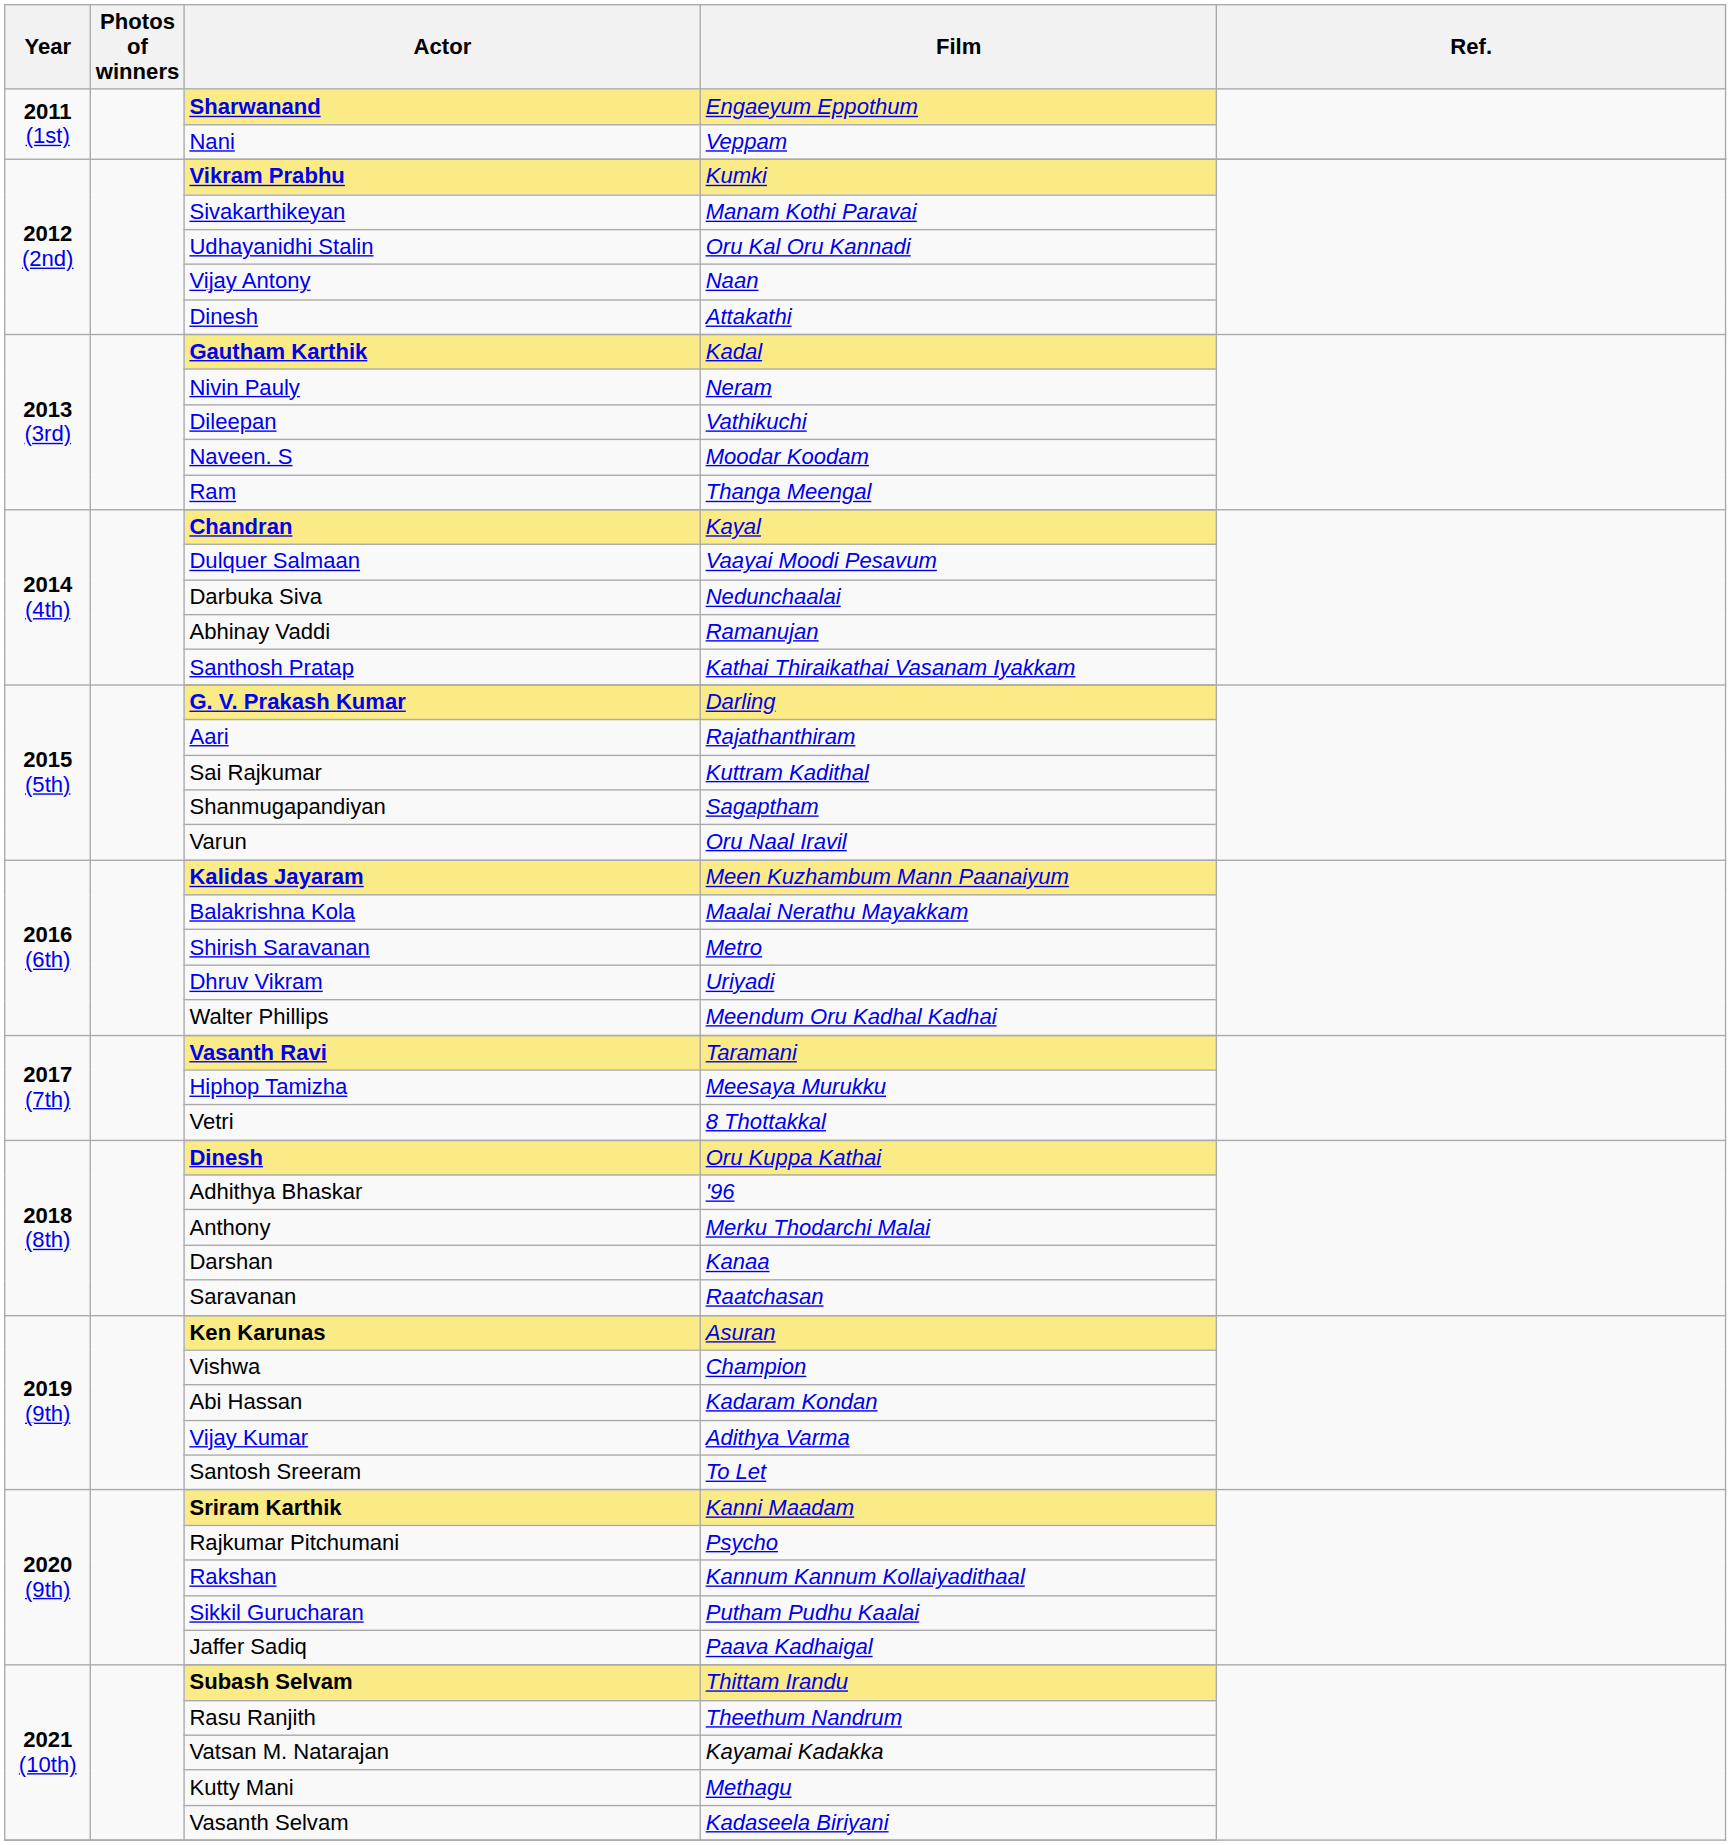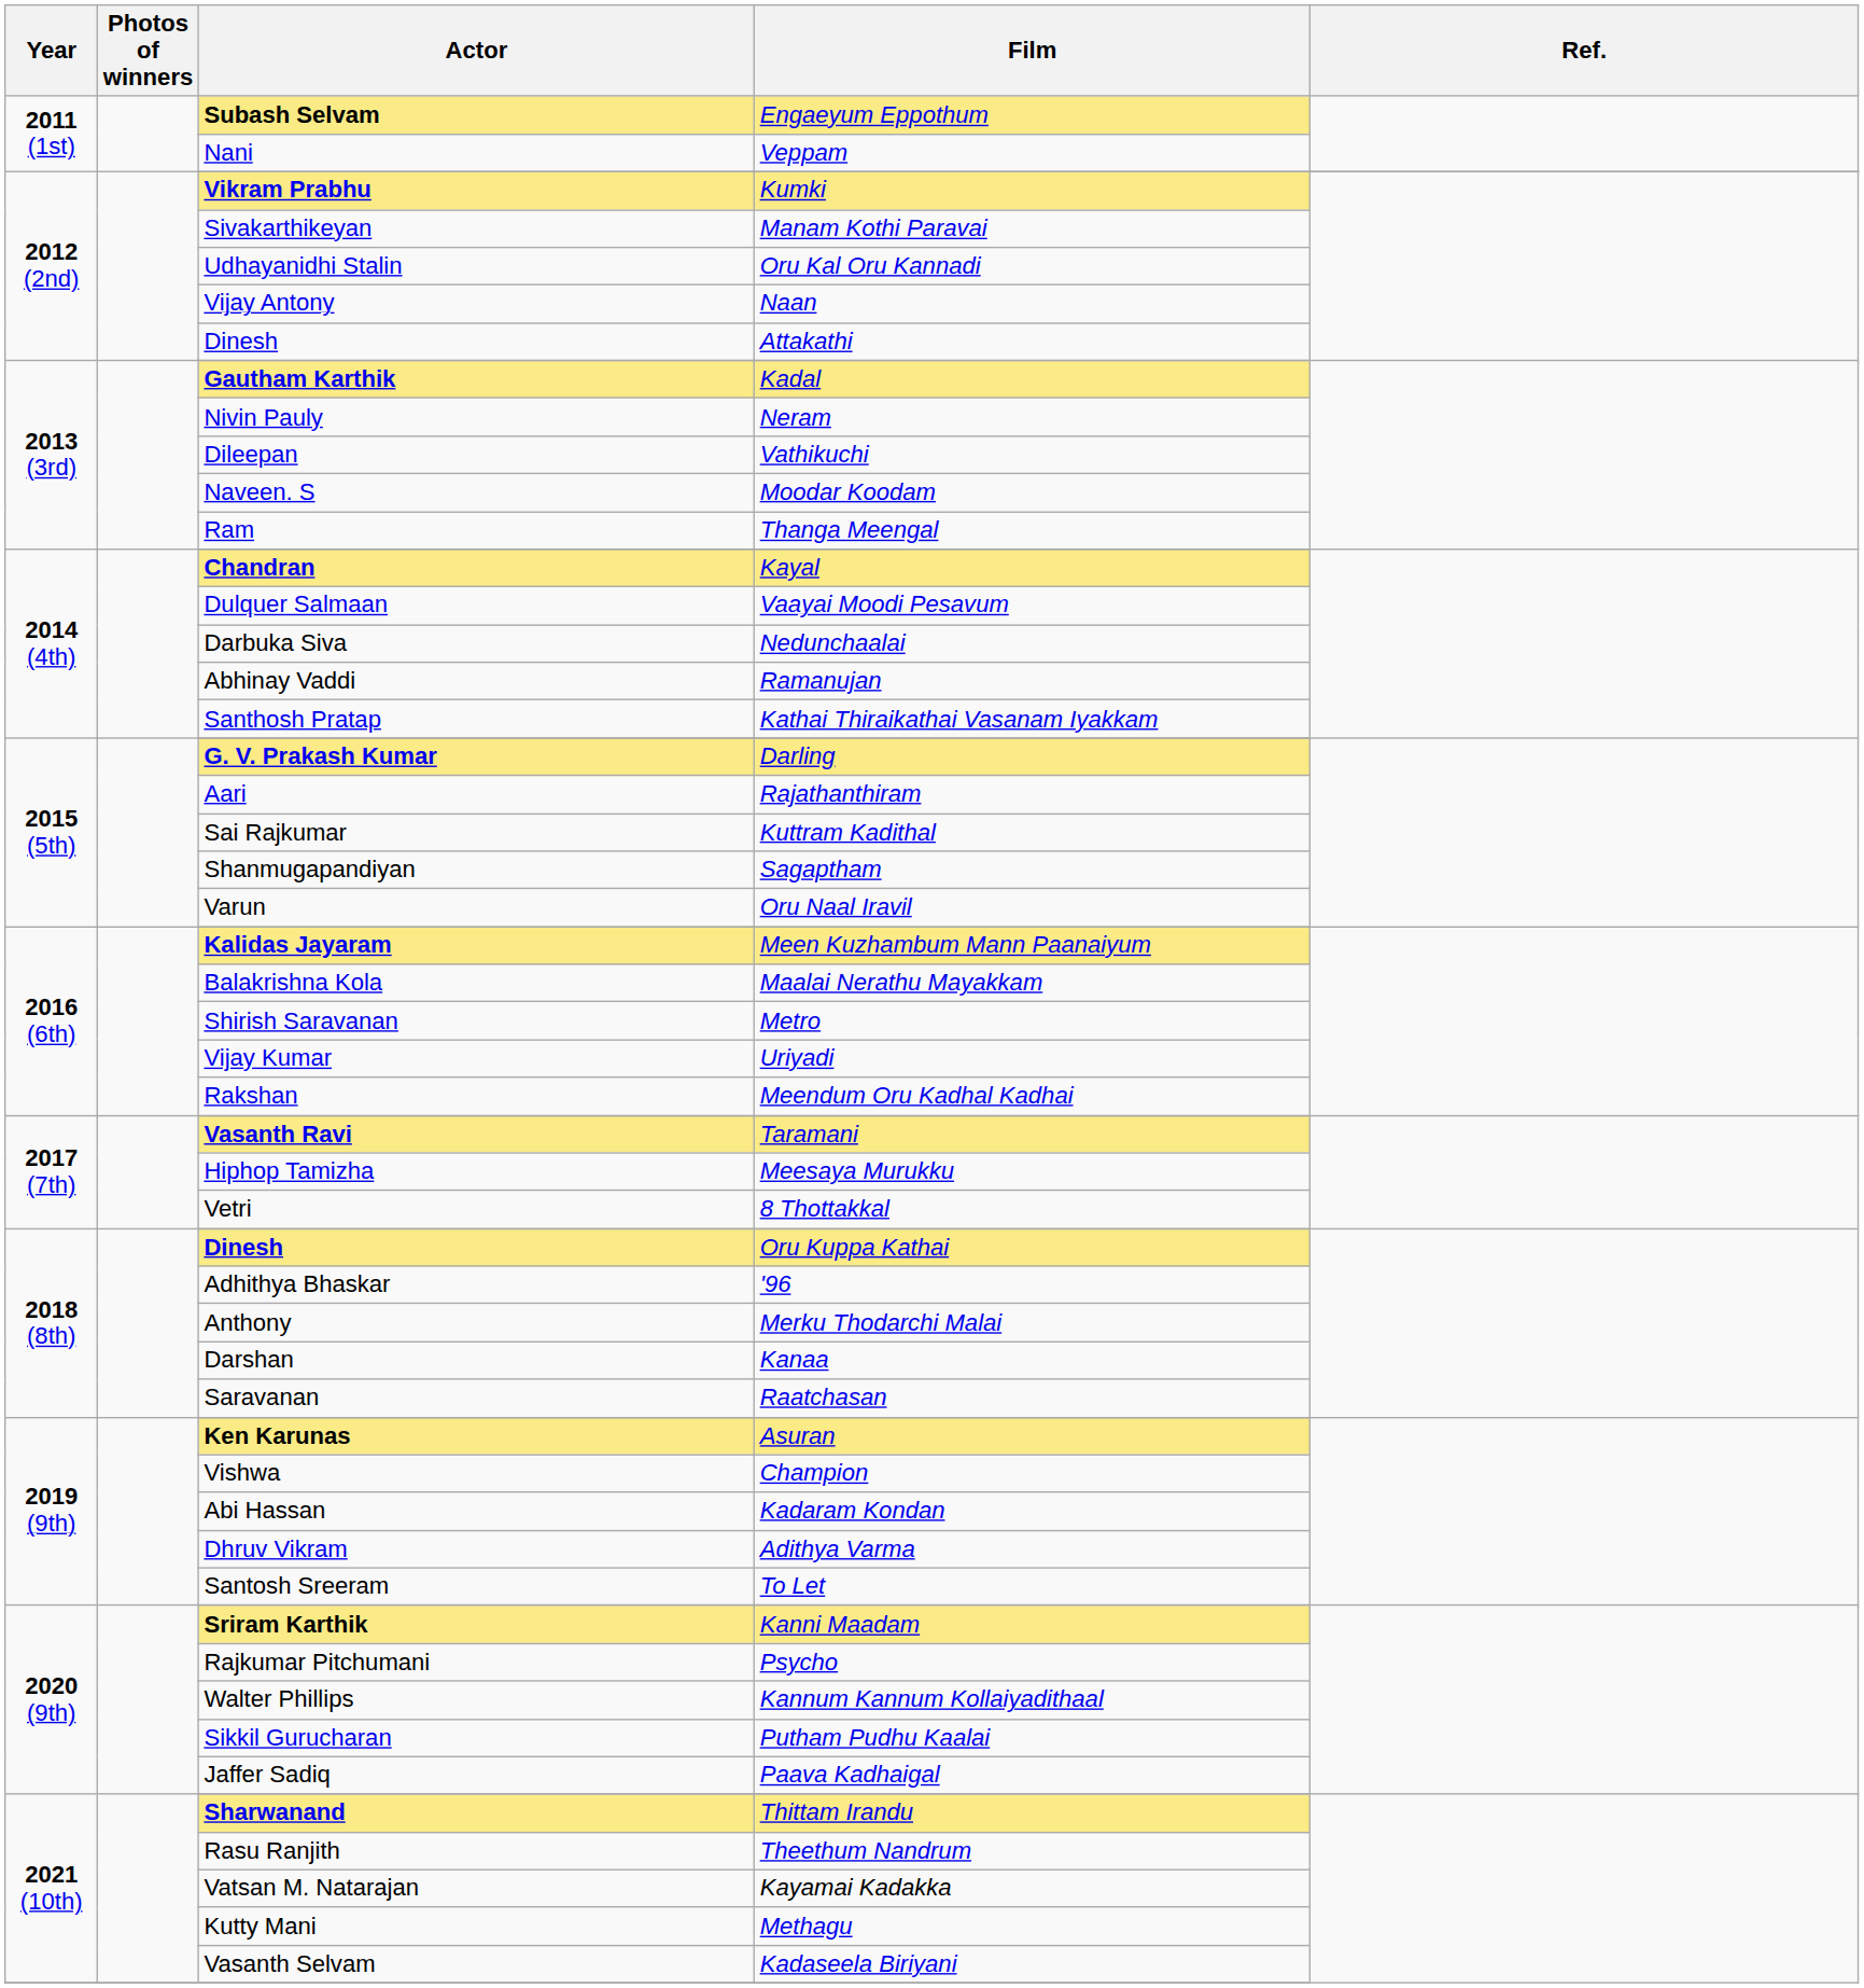 <table class="wikitable sortable" style="text-align:left;">
 <tr>
 <th scope="col" style="width:5%;text-align:center;">Year</th>
 <th scope="col" style="width:3%;text-align:center;">Photos of winners</th>
 <th scope="col" style="width:30%;text-align:center;">Actor</th>
 <th scope="col" style="width:30%;text-align:center;">Film</th>
 <th class="unsortable">Ref.</th>
 </tr>
 <tr>
 <td rowspan=2 style="text-align:center"><strong>2011</strong><br><a href='#'>(1st)</a></td>
 <td rowspan=2 style="text-align:center"></td>
-<td style="background:#FAEB86"><strong><a href='#'>Sharwanand</a></strong></td>
+<td style="background:#FAEB86"><strong>Subash Selvam</strong></td>
 <td style="background:#FAEB86"><em><a href='#'>Engaeyum Eppothum</a></em></td>
 <td rowspan=2></td>
 </tr>
 <tr>
 <td><a href='#'>Nani</a></td>
 <td><em><a href='#'>Veppam</a></em></td>
 </tr>
 <tr>
 <td rowspan=6 style="text-align:center"><strong>2012</strong><br><a href='#'>(2nd)</a></td>
 <td rowspan=6 style="text-align:center"></td>
 </tr>
 <tr>
 <td style="background:#FAEB86"><strong><a href='#'>Vikram Prabhu</a></strong></td>
 <td style="background:#FAEB86"><em><a href='#'>Kumki</a></em></td>
 <td rowspan="6"></td>
 </tr>
 <tr>
 <td><a href='#'>Sivakarthikeyan</a></td>
 <td><em><a href='#'>Manam Kothi Paravai</a></em></td>
 </tr>
 <tr>
 <td><a href='#'>Udhayanidhi Stalin</a></td>
 <td><em><a href='#'>Oru Kal Oru Kannadi</a></em></td>
 </tr>
 <tr>
 <td><a href='#'>Vijay Antony</a></td>
 <td><em><a href='#'>Naan</a></em></td>
 </tr>
 <tr>
 <td><a href='#'>Dinesh</a></td>
 <td><em><a href='#'>Attakathi</a></em></td>
 </tr>
 <tr>
 <td rowspan=6 style="text-align:center"><strong>2013</strong><br><a href='#'>(3rd)</a></td>
 <td rowspan=6 style="text-align:center"></td>
 </tr>
 <tr>
 <td style="background:#FAEB86"><strong><a href='#'>Gautham Karthik</a></strong></td>
 <td style="background:#FAEB86"><em><a href='#'>Kadal</a></em></td>
 <td rowspan="6"></td>
 </tr>
 <tr>
 <td><a href='#'>Nivin Pauly</a></td>
 <td><em><a href='#'>Neram</a></em></td>
 </tr>
 <tr>
 <td><a href='#'>Dileepan</a></td>
 <td><em><a href='#'>Vathikuchi</a></em></td>
 </tr>
 <tr>
 <td><a href='#'>Naveen. S</a></td>
 <td><em><a href='#'>Moodar Koodam</a></em></td>
 </tr>
 <tr>
 <td><a href='#'>Ram</a></td>
 <td><em><a href='#'>Thanga Meengal</a></em></td>
 </tr>
 <tr>
 <td rowspan=6 style="text-align:center"><strong>2014</strong><br><a href='#'>(4th)</a></td>
 <td rowspan=6 style="text-align:center"></td>
 </tr>
 <tr>
 <td style="background:#FAEB86"><strong><a href='#'>Chandran</a></strong></td>
 <td style="background:#FAEB86"><em><a href='#'>Kayal</a></em></td>
 <td rowspan="6"></td>
 </tr>
 <tr>
 <td><a href='#'>Dulquer Salmaan</a></td>
 <td><em><a href='#'>Vaayai Moodi Pesavum</a></em></td>
 </tr>
 <tr>
 <td>Darbuka Siva</td>
 <td><em><a href='#'>Nedunchaalai</a></em></td>
 </tr>
 <tr>
 <td>Abhinay Vaddi</td>
 <td><em><a href='#'>Ramanujan</a></em></td>
 </tr>
 <tr>
 <td><a href='#'>Santhosh Pratap</a></td>
 <td><em><a href='#'>Kathai Thiraikathai Vasanam Iyakkam</a></em></td>
 </tr>
 <tr>
 <td rowspan=6 style="text-align:center"><strong>2015</strong><br><a href='#'>(5th)</a></td>
 <td rowspan=6 style="text-align:center"></td>
 </tr>
 <tr>
 <td style="background:#FAEB86"><strong><a href='#'>G. V. Prakash Kumar</a></strong></td>
 <td style="background:#FAEB86"><em><a href='#'>Darling</a></em></td>
 <td rowspan="6"></td>
 </tr>
 <tr>
 <td><a href='#'>Aari</a></td>
 <td><em><a href='#'>Rajathanthiram</a></em></td>
 </tr>
 <tr>
 <td>Sai Rajkumar</td>
 <td><em><a href='#'>Kuttram Kadithal</a></em></td>
 </tr>
 <tr>
 <td>Shanmugapandiyan</td>
 <td><em><a href='#'>Sagaptham</a></em></td>
 </tr>
 <tr>
 <td>Varun</td>
 <td><em><a href='#'>Oru Naal Iravil</a></em></td>
 </tr>
 <tr>
 <td rowspan=6 style="text-align:center"><strong>2016</strong><br><a href='#'>(6th)</a></td>
 <td rowspan=6 style="text-align:center"></td>
 </tr>
 <tr>
 <td style="background:#FAEB86"><strong><a href='#'>Kalidas Jayaram</a></strong></td>
 <td style="background:#FAEB86"><em><a href='#'>Meen Kuzhambum Mann Paanaiyum</a></em></td>
 <td rowspan="6"></td>
 </tr>
 <tr>
 <td><a href='#'>Balakrishna Kola</a></td>
 <td><em><a href='#'>Maalai Nerathu Mayakkam</a></em></td>
 </tr>
 <tr>
 <td><a href='#'>Shirish Saravanan</a></td>
 <td><em><a href='#'>Metro</a></em></td>
 </tr>
 <tr>
-<td><a href='#'>Dhruv Vikram</a></td>
+<td><a href='#'>Vijay Kumar</a></td>
 <td><em><a href='#'>Uriyadi</a></em></td>
 </tr>
 <tr>
-<td>Walter Phillips</td>
+<td><a href='#'>Rakshan</a></td>
 <td><em><a href='#'>Meendum Oru Kadhal Kadhai</a></em></td>
 </tr>
 <tr>
 <td rowspan=4 style="text-align:center"><strong>2017</strong><br><a href='#'>(7th)</a></td>
 <td rowspan=4 style="text-align:center"></td>
 </tr>
 <tr>
 <td style="background:#FAEB86"><strong><a href='#'>Vasanth Ravi</a></strong></td>
 <td style="background:#FAEB86"><em><a href='#'>Taramani</a></em></td>
 <td rowspan="4"></td>
 </tr>
 <tr>
 <td><a href='#'>Hiphop Tamizha</a></td>
 <td><em><a href='#'>Meesaya Murukku</a></em></td>
 </tr>
 <tr>
 <td>Vetri</td>
 <td><em><a href='#'>8 Thottakkal</a></em></td>
 </tr>
 <tr>
 <td rowspan=6 style="text-align:center"><strong>2018</strong><br><a href='#'>(8th)</a></td>
 <td rowspan=6 style="text-align:center"></td>
 </tr>
 <tr>
 <td style="background:#FAEB86"><strong><a href='#'>Dinesh</a></strong></td>
 <td style="background:#FAEB86"><em><a href='#'>Oru Kuppa Kathai</a></em></td>
 <td rowspan="6"></td>
 </tr>
 <tr>
 <td>Adhithya Bhaskar</td>
 <td><em><a href='#'>'96</a></em></td>
 </tr>
 <tr>
 <td>Anthony</td>
 <td><em><a href='#'>Merku Thodarchi Malai</a></em></td>
 </tr>
 <tr>
 <td>Darshan</td>
 <td><em><a href='#'>Kanaa</a></em></td>
 </tr>
 <tr>
 <td>Saravanan</td>
 <td><em><a href='#'>Raatchasan</a></em></td>
 </tr>
 <tr>
 <td rowspan=6 style="text-align:center"><strong>2019</strong><br><a href='#'>(9th)</a></td>
 <td rowspan=6 style="text-align:center"></td>
 </tr>
 <tr>
 <td style="background:#FAEB86"><strong>Ken Karunas</strong></td>
 <td style="background:#FAEB86"><em><a href='#'>Asuran</a></em></td>
 <td rowspan="6"></td>
 </tr>
 <tr>
 <td>Vishwa</td>
 <td><em><a href='#'>Champion</a></em></td>
 </tr>
 <tr>
 <td>Abi Hassan</td>
 <td><em><a href='#'>Kadaram Kondan</a></em></td>
 </tr>
 <tr>
-<td><a href='#'>Vijay Kumar</a></td>
+<td><a href='#'>Dhruv Vikram</a></td>
 <td><em><a href='#'>Adithya Varma</a></em></td>
 </tr>
 <tr>
 <td>Santosh Sreeram</td>
 <td><em><a href='#'>To Let</a></em></td>
 </tr>
 <tr>
 <td rowspan=6 style="text-align:center"><strong>2020</strong><br><a href='#'>(9th)</a></td>
 <td rowspan=6 style="text-align:center"></td>
 </tr>
 <tr>
 <td style="background:#FAEB86"><strong>Sriram Karthik</strong></td>
 <td style="background:#FAEB86"><em><a href='#'>Kanni Maadam</a></em></td>
 <td rowspan="6"></td>
 </tr>
 <tr>
 <td>Rajkumar Pitchumani</td>
 <td><em><a href='#'>Psycho</a></em></td>
 </tr>
 <tr>
-<td><a href='#'>Rakshan</a></td>
+<td>Walter Phillips</td>
 <td><em><a href='#'>Kannum Kannum Kollaiyadithaal</a></em></td>
 </tr>
 <tr>
 <td><a href='#'>Sikkil Gurucharan</a></td>
 <td><em><a href='#'>Putham Pudhu Kaalai</a></em></td>
 </tr>
 <tr>
 <td>Jaffer Sadiq</td>
 <td><em><a href='#'>Paava Kadhaigal</a></em></td>
 </tr>
 <tr>
 <td rowspan=6 style="text-align:center"><strong>2021</strong><br><a href='#'>(10th)</a></td>
 <td rowspan=6 style="text-align:center"></td>
 </tr>
 <tr>
-<td style="background:#FAEB86"><strong>Subash Selvam</strong></td>
+<td style="background:#FAEB86"><strong><a href='#'>Sharwanand</a></strong></td>
 <td style="background:#FAEB86"><em><a href='#'>Thittam Irandu</a></em></td>
 <td rowspan="6"></td>
 </tr>
 <tr>
 <td>Rasu Ranjith</td>
 <td><em><a href='#'>Theethum Nandrum</a></em></td>
 </tr>
 <tr>
 <td>Vatsan M. Natarajan</td>
 <td><em>Kayamai Kadakka</em></td>
 </tr>
 <tr>
 <td>Kutty Mani</td>
 <td><em><a href='#'>Methagu</a></em></td>
 </tr>
 <tr>
 <td>Vasanth Selvam</td>
 <td><em><a href='#'>Kadaseela Biriyani</a></em></td>
 </tr>
 <tr>
 </tr>
 </table>
